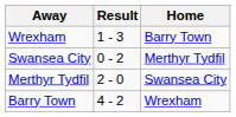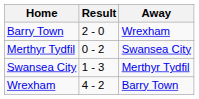 <table class="wikitable">
 <tr>
+<th>Home</th>
+<th>Result</th>
 <th>Away</th>
-<th>Result</th>
-<th>Home</th>
+</tr>
+<tr>
+<td><a href='#'>Barry Town</a></td>
+<td>2 - 0</td>
+<td><a href='#'>Wrexham</a></td>
+</tr>
+<tr>
+<td><a href='#'>Merthyr Tydfil</a></td>
+<td>0 - 2</td>
+<td><a href='#'>Swansea City</a></td>
+</tr>
+<tr>
+<td><a href='#'>Swansea City</a></td>
+<td>1 - 3</td>
+<td><a href='#'>Merthyr Tydfil</a></td>
 </tr>
 <tr>
 <td><a href='#'>Wrexham</a></td>
-<td>1 - 3</td>
+<td>4 - 2</td>
 <td><a href='#'>Barry Town</a></td>
 </tr>
-<tr>
-<td><a href='#'>Swansea City</a></td>
-<td>0 - 2</td>
-<td><a href='#'>Merthyr Tydfil</a></td>
-</tr>
-<tr>
-<td><a href='#'>Merthyr Tydfil</a></td>
-<td>2 - 0</td>
-<td><a href='#'>Swansea City</a></td>
-</tr>
-<tr>
-<td><a href='#'>Barry Town</a></td>
-<td>4 - 2</td>
-<td><a href='#'>Wrexham</a></td>
-</tr>
 </table>
